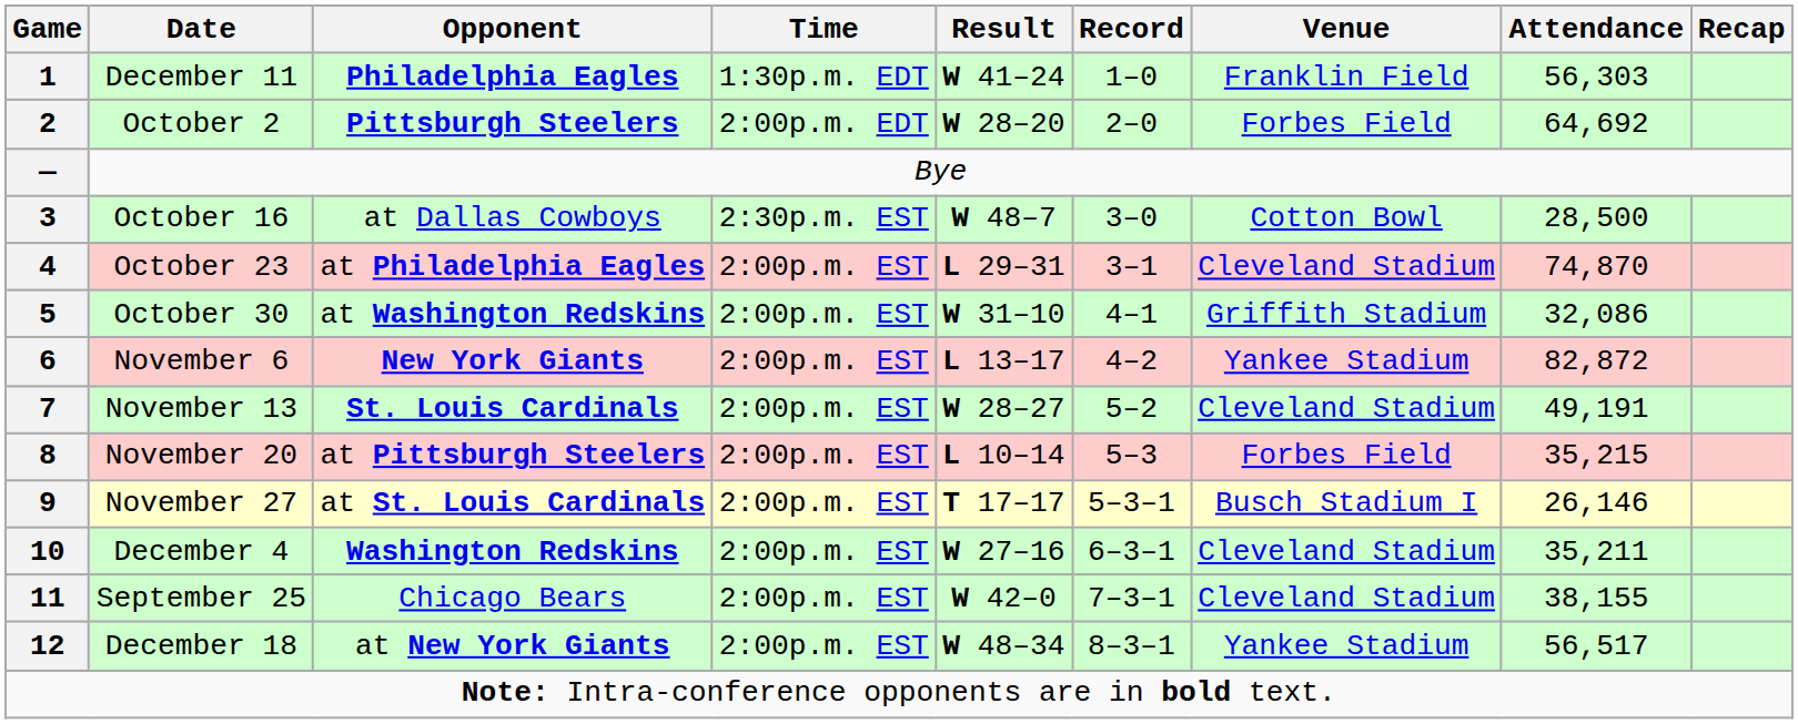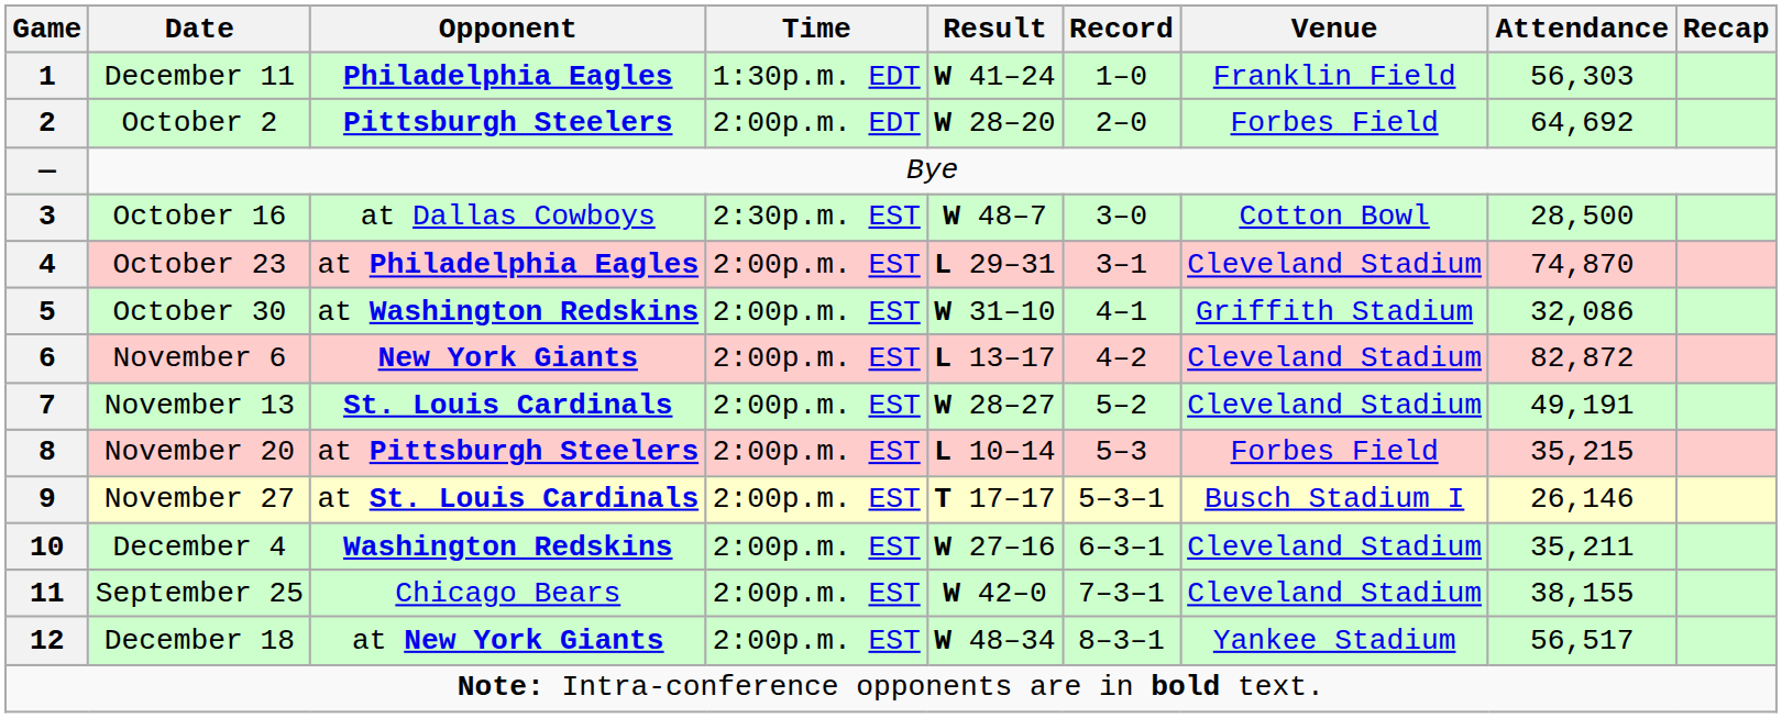 <table class="wikitable" style="text-align:center">
 <tr>
 <th>Game</th>
 <th>Date</th>
 <th>Opponent</th>
 <th>Time</th>
 <th>Result</th>
 <th>Record</th>
 <th>Venue</th>
 <th>Attendance</th>
 <th>Recap</th>
 </tr>
 <tr style="background:#cfc">
 <th>1</th>
 <td>December 11</td>
 <td><strong><a href='#'>Philadelphia Eagles</a></strong></td>
 <td>1:30p.m. <a href='#'>EDT</a></td>
 <td><strong>W</strong> 41–24</td>
 <td>1–0</td>
 <td><a href='#'>Franklin Field</a></td>
 <td>56,303</td>
 <td></td>
 </tr>
 <tr style="background:#cfc">
 <th>2</th>
 <td>October 2</td>
 <td><strong><a href='#'>Pittsburgh Steelers</a></strong></td>
 <td>2:00p.m. <a href='#'>EDT</a></td>
 <td><strong>W</strong> 28–20</td>
 <td>2–0</td>
 <td><a href='#'>Forbes Field</a></td>
 <td>64,692</td>
 <td></td>
 </tr>
 <tr style="background:">
 <th>—</th>
 <td colspan=8 align="center"><em>Bye</em></td>
 </tr>
 <tr style="background:#cfc">
 <th>3</th>
 <td>October 16</td>
 <td>at <a href='#'>Dallas Cowboys</a></td>
 <td>2:30p.m. <a href='#'>EST</a></td>
 <td><strong>W</strong> 48–7</td>
 <td>3–0</td>
 <td><a href='#'>Cotton Bowl</a></td>
 <td>28,500</td>
 <td></td>
 </tr>
 <tr style="background:#fcc">
 <th>4</th>
 <td>October 23</td>
 <td>at <strong><a href='#'>Philadelphia Eagles</a></strong></td>
 <td>2:00p.m. <a href='#'>EST</a></td>
 <td><strong>L</strong> 29–31</td>
 <td>3–1</td>
 <td><a href='#'>Cleveland Stadium</a></td>
 <td>74,870</td>
 <td></td>
 </tr>
 <tr style="background:#cfc">
 <th>5</th>
 <td>October 30</td>
 <td>at <strong><a href='#'>Washington Redskins</a></strong></td>
 <td>2:00p.m. <a href='#'>EST</a></td>
 <td><strong>W</strong> 31–10</td>
 <td>4–1</td>
 <td><a href='#'>Griffith Stadium</a></td>
 <td>32,086</td>
 <td></td>
 </tr>
 <tr style="background:#fcc">
 <th>6</th>
 <td>November 6</td>
 <td><strong><a href='#'>New York Giants</a></strong></td>
 <td>2:00p.m. <a href='#'>EST</a></td>
 <td><strong>L</strong> 13–17</td>
 <td>4–2</td>
-<td><a href='#'>Yankee Stadium</a></td>
+<td><a href='#'>Cleveland Stadium</a></td>
 <td>82,872</td>
 <td></td>
 </tr>
 <tr style="background:#cfc">
 <th>7</th>
 <td>November 13</td>
 <td><strong><a href='#'>St. Louis Cardinals</a></strong></td>
 <td>2:00p.m. <a href='#'>EST</a></td>
 <td><strong>W</strong> 28–27</td>
 <td>5–2</td>
 <td><a href='#'>Cleveland Stadium</a></td>
 <td>49,191</td>
 <td></td>
 </tr>
 <tr style="background:#fcc">
 <th>8</th>
 <td>November 20</td>
 <td>at <strong><a href='#'>Pittsburgh Steelers</a></strong></td>
 <td>2:00p.m. <a href='#'>EST</a></td>
 <td><strong>L</strong> 10–14</td>
 <td>5–3</td>
 <td><a href='#'>Forbes Field</a></td>
 <td>35,215</td>
 <td></td>
 </tr>
 <tr style="background:#ffc">
 <th>9</th>
 <td>November 27</td>
 <td>at <strong><a href='#'>St. Louis Cardinals</a></strong></td>
 <td>2:00p.m. <a href='#'>EST</a></td>
 <td><strong>T</strong> 17–17</td>
 <td>5–3–1</td>
 <td><a href='#'>Busch Stadium I</a></td>
 <td>26,146</td>
 <td></td>
 </tr>
 <tr style="background:#cfc">
 <th>10</th>
 <td>December 4</td>
 <td><strong><a href='#'>Washington Redskins</a></strong></td>
 <td>2:00p.m. <a href='#'>EST</a></td>
 <td><strong>W</strong> 27–16</td>
 <td>6–3–1</td>
 <td><a href='#'>Cleveland Stadium</a></td>
 <td>35,211</td>
 <td></td>
 </tr>
 <tr style="background:#cfc">
 <th>11</th>
 <td>September 25</td>
 <td><a href='#'>Chicago Bears</a></td>
 <td>2:00p.m. <a href='#'>EST</a></td>
 <td><strong>W</strong> 42–0</td>
 <td>7–3–1</td>
 <td><a href='#'>Cleveland Stadium</a></td>
 <td>38,155</td>
 <td></td>
 </tr>
 <tr style="background:#cfc">
 <th>12</th>
 <td>December 18</td>
 <td>at <strong><a href='#'>New York Giants</a></strong></td>
 <td>2:00p.m. <a href='#'>EST</a></td>
 <td><strong>W</strong> 48–34</td>
 <td>8–3–1</td>
 <td><a href='#'>Yankee Stadium</a></td>
 <td>56,517</td>
 <td></td>
 </tr>
 <tr>
 <td colspan="10"><strong>Note:</strong> Intra-conference opponents are in <strong>bold</strong> text.</td>
 </tr>
 </table>
